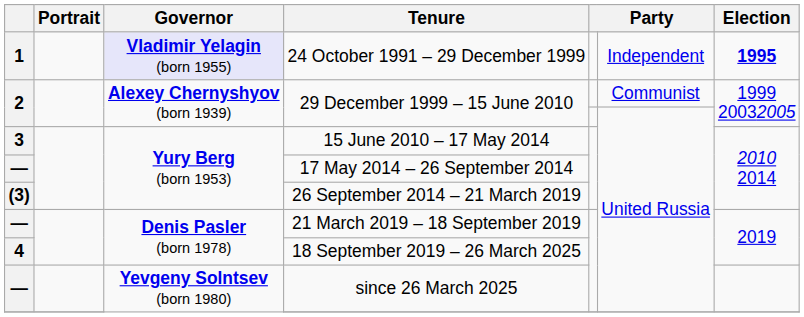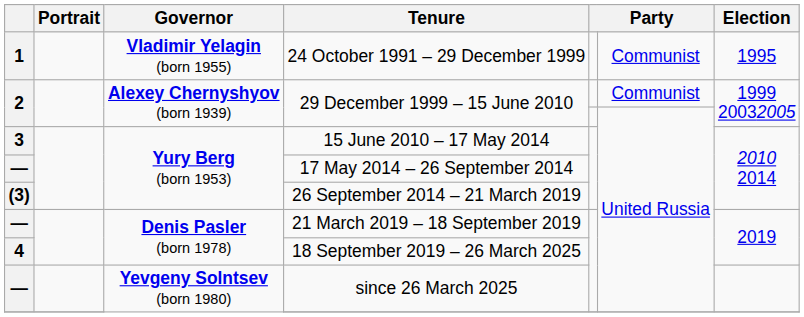 <table class="wikitable" style="text-align:center">
 <tr style="background:#cccccc" bgcolor=#E6E6AA>
 <th></th>
 <th>Portrait</th>
 <th>Governor</th>
 <th>Tenure</th>
 <th colspan=2>Party</th>
 <th>Election</th>
 </tr>
 <tr>
 <th>1</th>
 <td></td>
-<td style="background: lavender;"><strong><a href='#'>Vladimir Yelagin</a></strong><br><small>(born 1955)</small></td>
+<td><strong><a href='#'>Vladimir Yelagin</a></strong><br><small>(born 1955)</small></td>
 <td>24 October 1991 – 29 December 1999</td>
 <td style="background:"></td>
-<td><a href='#'>Independent</a></td>
-<td><strong><a href='#'>1995</a></strong></td>
+<td><a href='#'>Communist</a></td>
+<td><a href='#'>1995</a></td>
 </tr>
 <tr>
 <th rowspan=2>2</th>
 <td rowspan=2></td>
 <td rowspan=2><strong><a href='#'>Alexey Chernyshyov</a></strong><br><small>(born 1939)</small></td>
 <td rowspan=2>29 December 1999 – 15 June 2010</td>
 <td style="background:"></td>
 <td><a href='#'>Communist</a></td>
 <td rowspan=2><a href='#'>1999</a><br><a href='#'>2003</a><em><a href='#'>2005</a></em></td>
 </tr>
 <tr>
 <td style="background:"></td>
 <td rowspan=7><a href='#'>United Russia</a></td>
 </tr>
 <tr>
 <th>3</th>
 <td rowspan=3></td>
 <td rowspan=3><strong><a href='#'>Yury Berg</a></strong><br><small>(born 1953)</small></td>
 <td>15 June 2010 – 17 May 2014</td>
 <td rowspan=3; style="background:"></td>
 <td rowspan=3><em><a href='#'>2010</a></em><br><a href='#'>2014</a></td>
 </tr>
 <tr>
 <th>—</th>
 <td>17 May 2014 – 26 September 2014</td>
 </tr>
 <tr>
 <th>(3)</th>
 <td>26 September 2014 – 21 March 2019</td>
 </tr>
 <tr>
 <th>—</th>
 <td rowspan=2></td>
 <td rowspan=2><strong><a href='#'>Denis Pasler</a></strong><br><small>(born 1978)</small></td>
 <td>21 March 2019 – 18 September 2019</td>
 <td rowspan=3; style="background:"></td>
 <td rowspan=2><a href='#'>2019</a></td>
 </tr>
 <tr>
 <th>4</th>
 <td>18 September 2019 – 26 March 2025</td>
 </tr>
 <tr>
 <th>—</th>
 <td></td>
 <td rowspan=2><strong><a href='#'>Yevgeny Solntsev</a></strong><br><small>(born 1980)</small></td>
 <td>since 26 March 2025</td>
 <td></td>
 </tr>
 <tr>
 </tr>
 </table>
